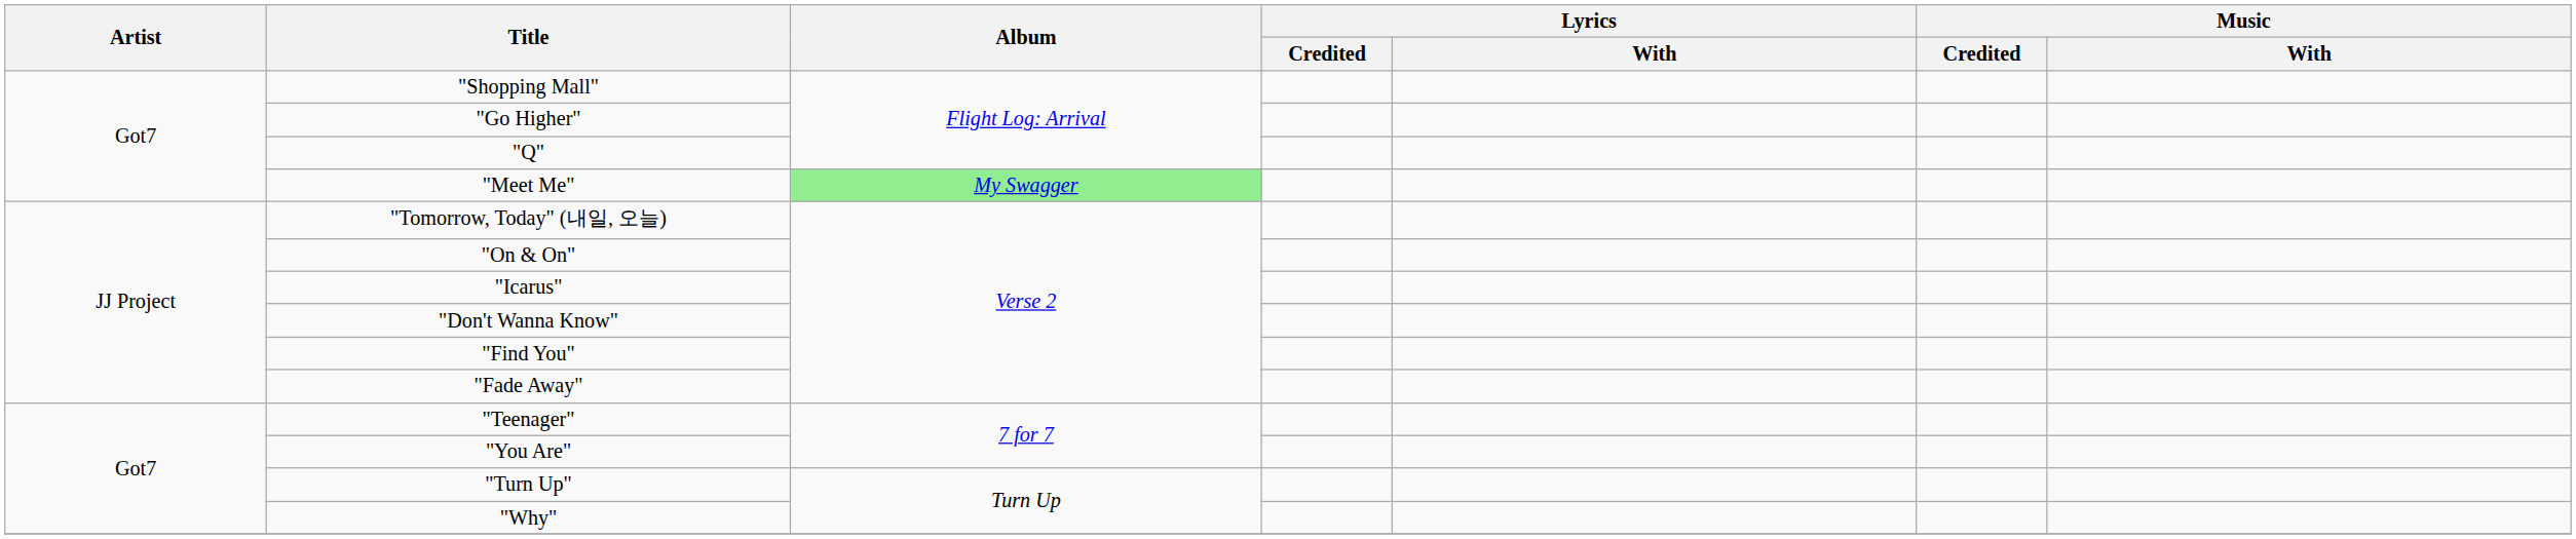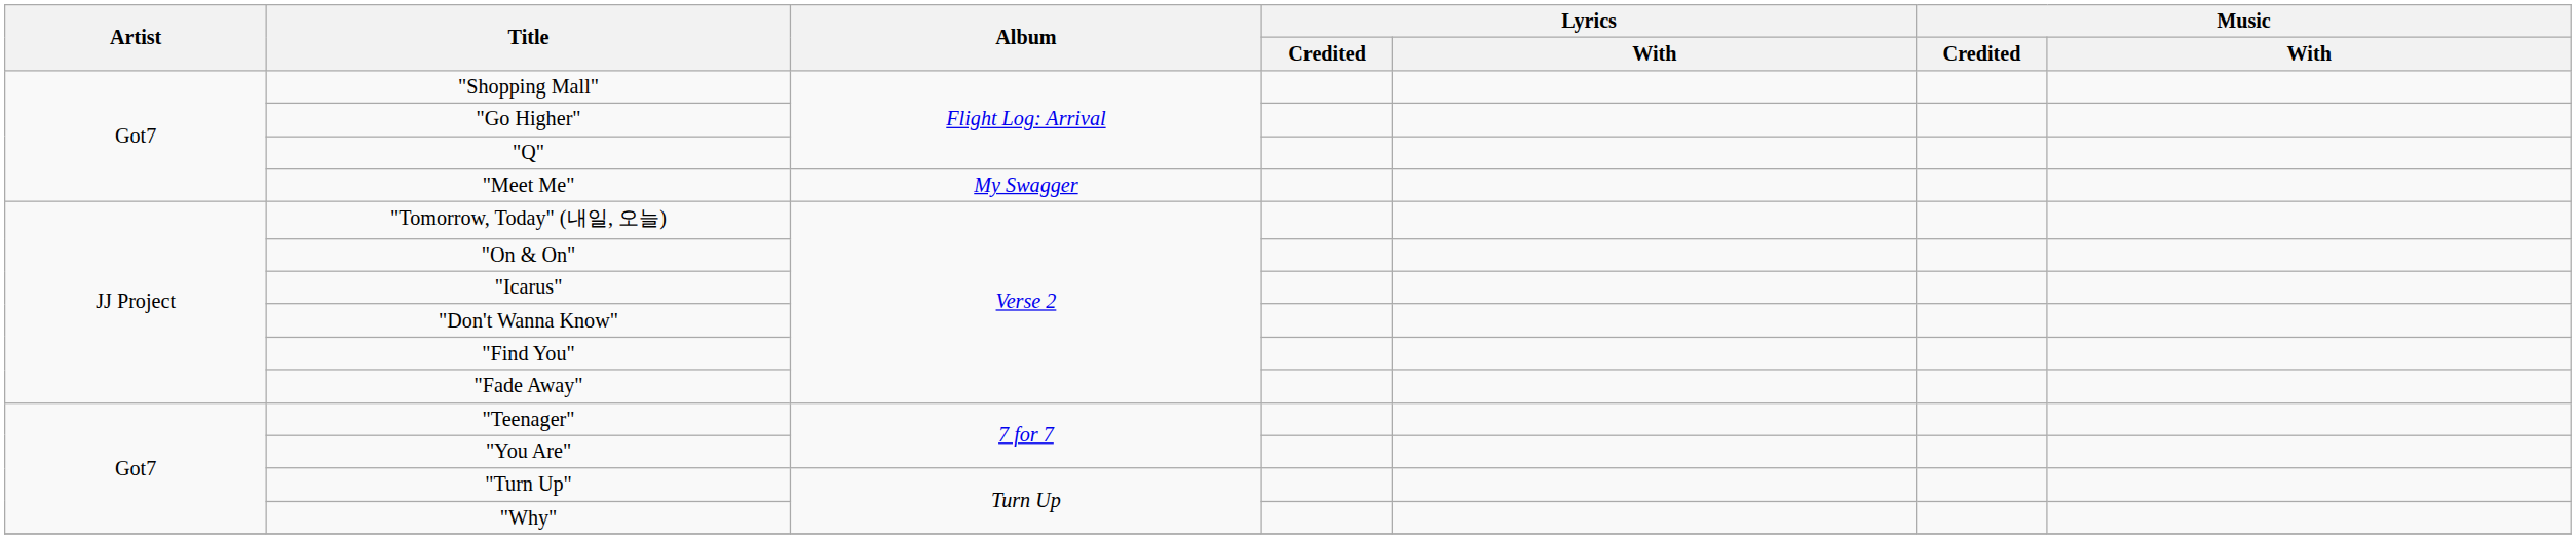 <table class="wikitable" style="text-align:center; width:100%;">
 <tr>
 <th rowspan="2" style="width:10%;">Artist</th>
 <th rowspan="2" style="width:20%;">Title</th>
 <th rowspan="2" style="width:18%;">Album</th>
 <th colspan="2" style="width:26%;">Lyrics</th>
 <th colspan="2" style="width:26%;">Music</th>
 </tr>
 <tr>
 <th style="width:5%;">Credited</th>
 <th style="width:20%;">With</th>
 <th style="width:5%;">Credited</th>
 <th style="width:20%;">With</th>
 </tr>
 <tr>
 <td rowspan="4">Got7</td>
 <td>"Shopping Mall"</td>
 <td rowspan="3"><em><a href='#'>Flight Log: Arrival</a></em></td>
 <td></td>
 <td></td>
 <td></td>
 <td></td>
 </tr>
 <tr>
 <td>"Go Higher"</td>
 <td></td>
 <td></td>
 <td></td>
 <td></td>
 </tr>
 <tr>
 <td>"Q"</td>
 <td></td>
 <td></td>
 <td></td>
 <td></td>
 </tr>
 <tr>
 <td>"Meet Me"</td>
-<td style="background: lightgreen;"><em><a href='#'>My Swagger</a></em></td>
+<td><em><a href='#'>My Swagger</a></em></td>
 <td></td>
 <td></td>
 <td></td>
 <td></td>
 </tr>
 <tr>
 <td rowspan="6">JJ Project</td>
 <td>"Tomorrow, Today" (내일, 오늘)</td>
 <td rowspan="6"><em><a href='#'>Verse 2</a></em></td>
 <td></td>
 <td></td>
 <td></td>
 <td></td>
 </tr>
 <tr>
 <td>"On & On"</td>
 <td></td>
 <td></td>
 <td></td>
 <td></td>
 </tr>
 <tr>
 <td>"Icarus"</td>
 <td></td>
 <td><a href='#'></a></td>
 <td></td>
 <td></td>
 </tr>
 <tr>
 <td>"Don't Wanna Know"</td>
 <td></td>
 <td></td>
 <td></td>
 <td></td>
 </tr>
 <tr>
 <td>"Find You"</td>
 <td></td>
 <td></td>
 <td></td>
 <td></td>
 </tr>
 <tr>
 <td>"Fade Away"</td>
 <td></td>
 <td></td>
 <td></td>
 <td></td>
 </tr>
 <tr>
 <td rowspan="4">Got7</td>
 <td>"Teenager"</td>
 <td rowspan="2"><em><a href='#'>7 for 7</a></em></td>
 <td></td>
 <td></td>
 <td></td>
 <td></td>
 </tr>
 <tr>
 <td>"You Are"</td>
 <td></td>
 <td></td>
 <td></td>
 <td></td>
 </tr>
 <tr>
 <td>"Turn Up"</td>
 <td rowspan="2"><em>Turn Up</em></td>
 <td></td>
 <td></td>
 <td></td>
 <td></td>
 </tr>
 <tr>
 <td>"Why"</td>
 <td></td>
 <td></td>
 <td></td>
 <td></td>
 </tr>
 <tr>
 </tr>
 </table>
